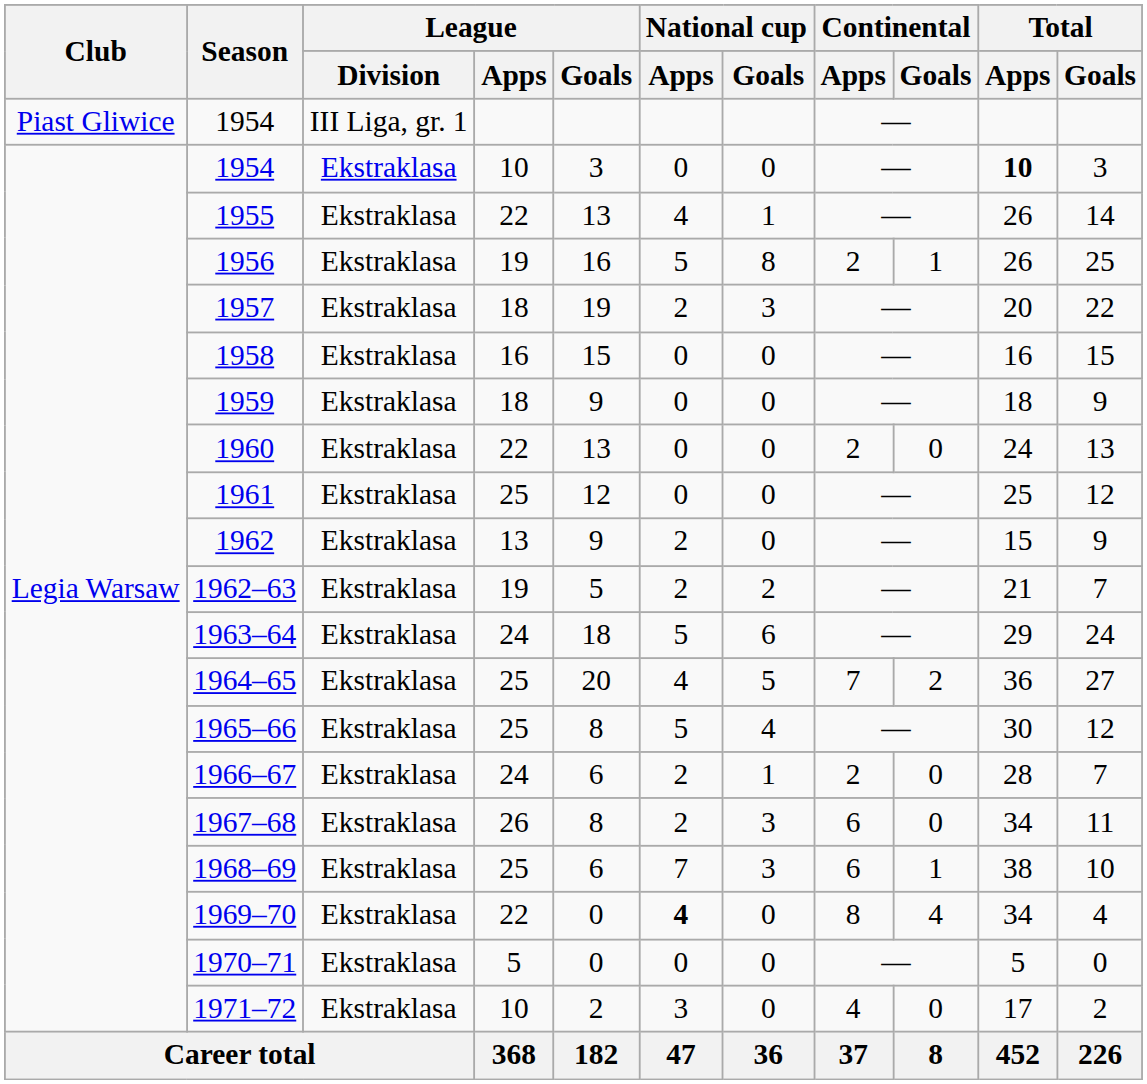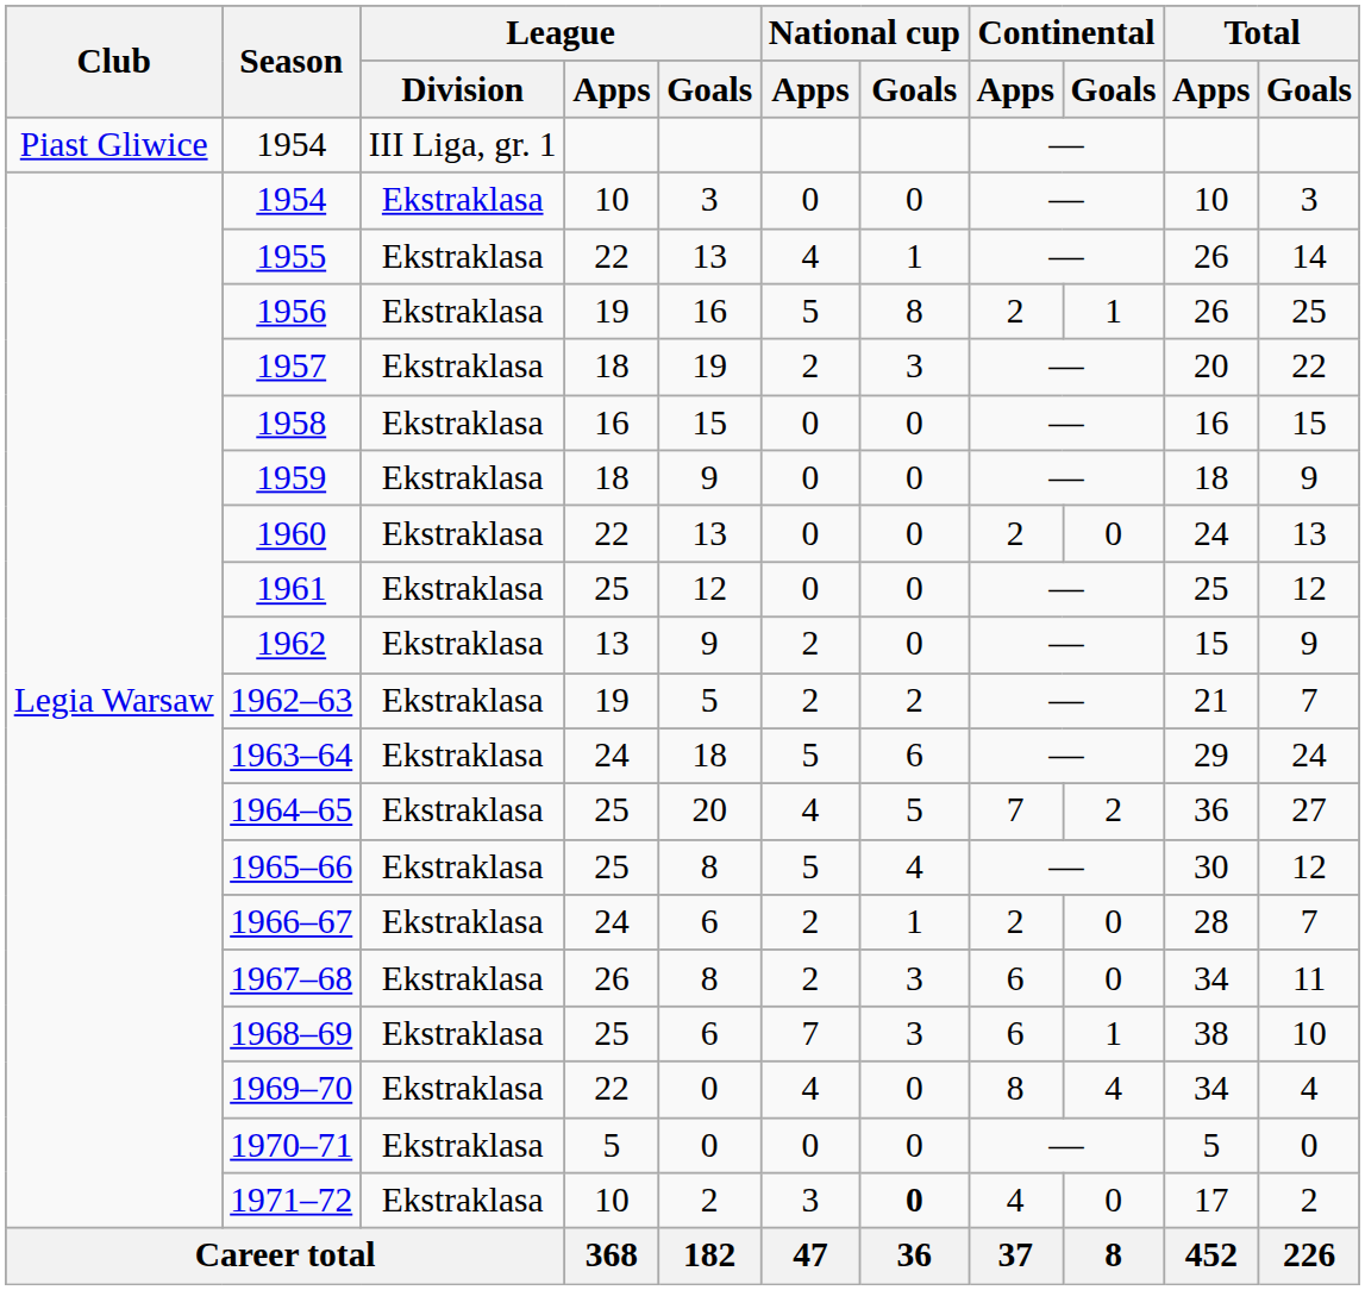 <table class="wikitable" style="text-align:center">
 <tr>
 <th rowspan="2">Club</th>
 <th rowspan="2">Season</th>
 <th colspan="3">League</th>
 <th colspan="2">National cup</th>
 <th colspan="2">Continental</th>
 <th colspan="2">Total</th>
 </tr>
 <tr>
 <th>Division</th>
 <th>Apps</th>
 <th>Goals</th>
 <th>Apps</th>
 <th>Goals</th>
 <th>Apps</th>
 <th>Goals</th>
 <th>Apps</th>
 <th>Goals</th>
 </tr>
 <tr>
 <td><a href='#'>Piast Gliwice</a></td>
 <td>1954</td>
 <td>III Liga, gr. 1</td>
 <td></td>
 <td></td>
 <td></td>
 <td></td>
 <td colspan="2">—</td>
 <td></td>
 <td></td>
 </tr>
 <tr>
 <td rowspan="19"><a href='#'>Legia Warsaw</a></td>
 <td><a href='#'>1954</a></td>
 <td><a href='#'>Ekstraklasa</a></td>
 <td>10</td>
 <td>3</td>
 <td>0</td>
 <td>0</td>
 <td colspan="2">—</td>
-<td><strong>10</strong></td>
+<td>10</td>
 <td>3</td>
 </tr>
 <tr>
 <td><a href='#'>1955</a></td>
 <td>Ekstraklasa</td>
 <td>22</td>
 <td>13</td>
 <td>4</td>
 <td>1</td>
 <td colspan="2">—</td>
 <td>26</td>
 <td>14</td>
 </tr>
 <tr>
 <td><a href='#'>1956</a></td>
 <td>Ekstraklasa</td>
 <td>19</td>
 <td>16</td>
 <td>5</td>
 <td>8</td>
 <td>2</td>
 <td>1</td>
 <td>26</td>
 <td>25</td>
 </tr>
 <tr>
 <td><a href='#'>1957</a></td>
 <td>Ekstraklasa</td>
 <td>18</td>
 <td>19</td>
 <td>2</td>
 <td>3</td>
 <td colspan="2">—</td>
 <td>20</td>
 <td>22</td>
 </tr>
 <tr>
 <td><a href='#'>1958</a></td>
 <td>Ekstraklasa</td>
 <td>16</td>
 <td>15</td>
 <td>0</td>
 <td>0</td>
 <td colspan="2">—</td>
 <td>16</td>
 <td>15</td>
 </tr>
 <tr>
 <td><a href='#'>1959</a></td>
 <td>Ekstraklasa</td>
 <td>18</td>
 <td>9</td>
 <td>0</td>
 <td>0</td>
 <td colspan="2">—</td>
 <td>18</td>
 <td>9</td>
 </tr>
 <tr>
 <td><a href='#'>1960</a></td>
 <td>Ekstraklasa</td>
 <td>22</td>
 <td>13</td>
 <td>0</td>
 <td>0</td>
 <td>2</td>
 <td>0</td>
 <td>24</td>
 <td>13</td>
 </tr>
 <tr>
 <td><a href='#'>1961</a></td>
 <td>Ekstraklasa</td>
 <td>25</td>
 <td>12</td>
 <td>0</td>
 <td>0</td>
 <td colspan="2">—</td>
 <td>25</td>
 <td>12</td>
 </tr>
 <tr>
 <td><a href='#'>1962</a></td>
 <td>Ekstraklasa</td>
 <td>13</td>
 <td>9</td>
 <td>2</td>
 <td>0</td>
 <td colspan="2">—</td>
 <td>15</td>
 <td>9</td>
 </tr>
 <tr>
 <td><a href='#'>1962–63</a></td>
 <td>Ekstraklasa</td>
 <td>19</td>
 <td>5</td>
 <td>2</td>
 <td>2</td>
 <td colspan="2">—</td>
 <td>21</td>
 <td>7</td>
 </tr>
 <tr>
 <td><a href='#'>1963–64</a></td>
 <td>Ekstraklasa</td>
 <td>24</td>
 <td>18</td>
 <td>5</td>
 <td>6</td>
 <td colspan="2">—</td>
 <td>29</td>
 <td>24</td>
 </tr>
 <tr>
 <td><a href='#'>1964–65</a></td>
 <td>Ekstraklasa</td>
 <td>25</td>
 <td>20</td>
 <td>4</td>
 <td>5</td>
 <td>7</td>
 <td>2</td>
 <td>36</td>
 <td>27</td>
 </tr>
 <tr>
 <td><a href='#'>1965–66</a></td>
 <td>Ekstraklasa</td>
 <td>25</td>
 <td>8</td>
 <td>5</td>
 <td>4</td>
 <td colspan="2">—</td>
 <td>30</td>
 <td>12</td>
 </tr>
 <tr>
 <td><a href='#'>1966–67</a></td>
 <td>Ekstraklasa</td>
 <td>24</td>
 <td>6</td>
 <td>2</td>
 <td>1</td>
 <td>2</td>
 <td>0</td>
 <td>28</td>
 <td>7</td>
 </tr>
 <tr>
 <td><a href='#'>1967–68</a></td>
 <td>Ekstraklasa</td>
 <td>26</td>
 <td>8</td>
 <td>2</td>
 <td>3</td>
 <td>6</td>
 <td>0</td>
 <td>34</td>
 <td>11</td>
 </tr>
 <tr>
 <td><a href='#'>1968–69</a></td>
 <td>Ekstraklasa</td>
 <td>25</td>
 <td>6</td>
 <td>7</td>
 <td>3</td>
 <td>6</td>
 <td>1</td>
 <td>38</td>
 <td>10</td>
 </tr>
 <tr>
 <td><a href='#'>1969–70</a></td>
 <td>Ekstraklasa</td>
 <td>22</td>
 <td>0</td>
-<td><strong>4</strong></td>
+<td>4</td>
 <td>0</td>
 <td>8</td>
 <td>4</td>
 <td>34</td>
 <td>4</td>
 </tr>
 <tr>
 <td><a href='#'>1970–71</a></td>
 <td>Ekstraklasa</td>
 <td>5</td>
 <td>0</td>
 <td>0</td>
 <td>0</td>
 <td colspan="2">—</td>
 <td>5</td>
 <td>0</td>
 </tr>
 <tr>
 <td><a href='#'>1971–72</a></td>
 <td>Ekstraklasa</td>
 <td>10</td>
 <td>2</td>
 <td>3</td>
-<td>0</td>
+<td><strong>0</strong></td>
 <td>4</td>
 <td>0</td>
 <td>17</td>
 <td>2</td>
 </tr>
 <tr>
 <th colspan="3">Career total</th>
 <th>368</th>
 <th>182</th>
 <th>47</th>
 <th>36</th>
 <th>37</th>
 <th>8</th>
 <th>452</th>
 <th>226</th>
 </tr>
 </table>
